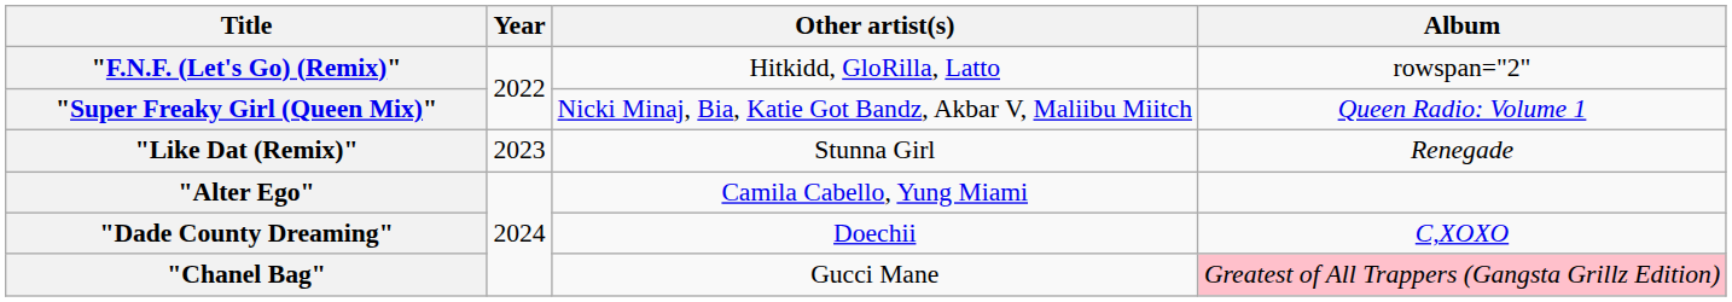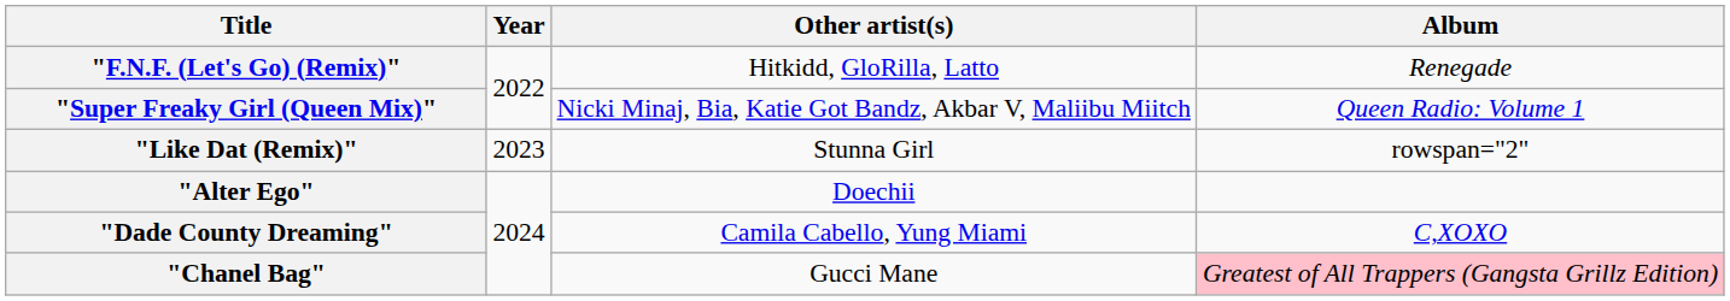 <table class="wikitable plainrowheaders" style="text-align:center;">
 <tr>
 <th scope="col" style="width:18em;">Title</th>
 <th scope="col">Year</th>
 <th scope="col">Other artist(s)</th>
 <th scope="col">Album</th>
 </tr>
 <tr>
 <th scope="row">"<a href='#'>F.N.F. (Let's Go) (Remix)</a>"</th>
 <td rowspan="2">2022</td>
 <td>Hitkidd, <a href='#'>GloRilla</a>, <a href='#'>Latto</a></td>
-<td>rowspan="2" </td>
+<td><em>Renegade</em></td>
 </tr>
 <tr>
 <th scope="row">"<a href='#'>Super Freaky Girl (Queen Mix)</a>"</th>
 <td><a href='#'>Nicki Minaj</a>, <a href='#'>Bia</a>, <a href='#'>Katie Got Bandz</a>, Akbar V, <a href='#'>Maliibu Miitch</a></td>
 <td><em><a href='#'>Queen Radio: Volume 1</a></em></td>
 </tr>
 <tr>
 <th scope="row">"Like Dat (Remix)"</th>
 <td>2023</td>
 <td>Stunna Girl</td>
-<td><em>Renegade</em></td>
+<td>rowspan="2" </td>
 </tr>
 <tr>
 <th scope="row">"Alter Ego"</th>
 <td rowspan="3">2024</td>
-<td><a href='#'>Camila Cabello</a>, <a href='#'>Yung Miami</a></td>
+<td><a href='#'>Doechii</a></td>
 </tr>
 <tr>
 <th scope="row">"Dade County Dreaming"</th>
-<td><a href='#'>Doechii</a></td>
+<td><a href='#'>Camila Cabello</a>, <a href='#'>Yung Miami</a></td>
 <td><em><a href='#'>C,XOXO</a></em></td>
 </tr>
 <tr>
 <th scope="row">"Chanel Bag"</th>
 <td>Gucci Mane</td>
 <td style="background: pink;"><em>Greatest of All Trappers (Gangsta Grillz Edition)</em></td>
 </tr>
 </table>
